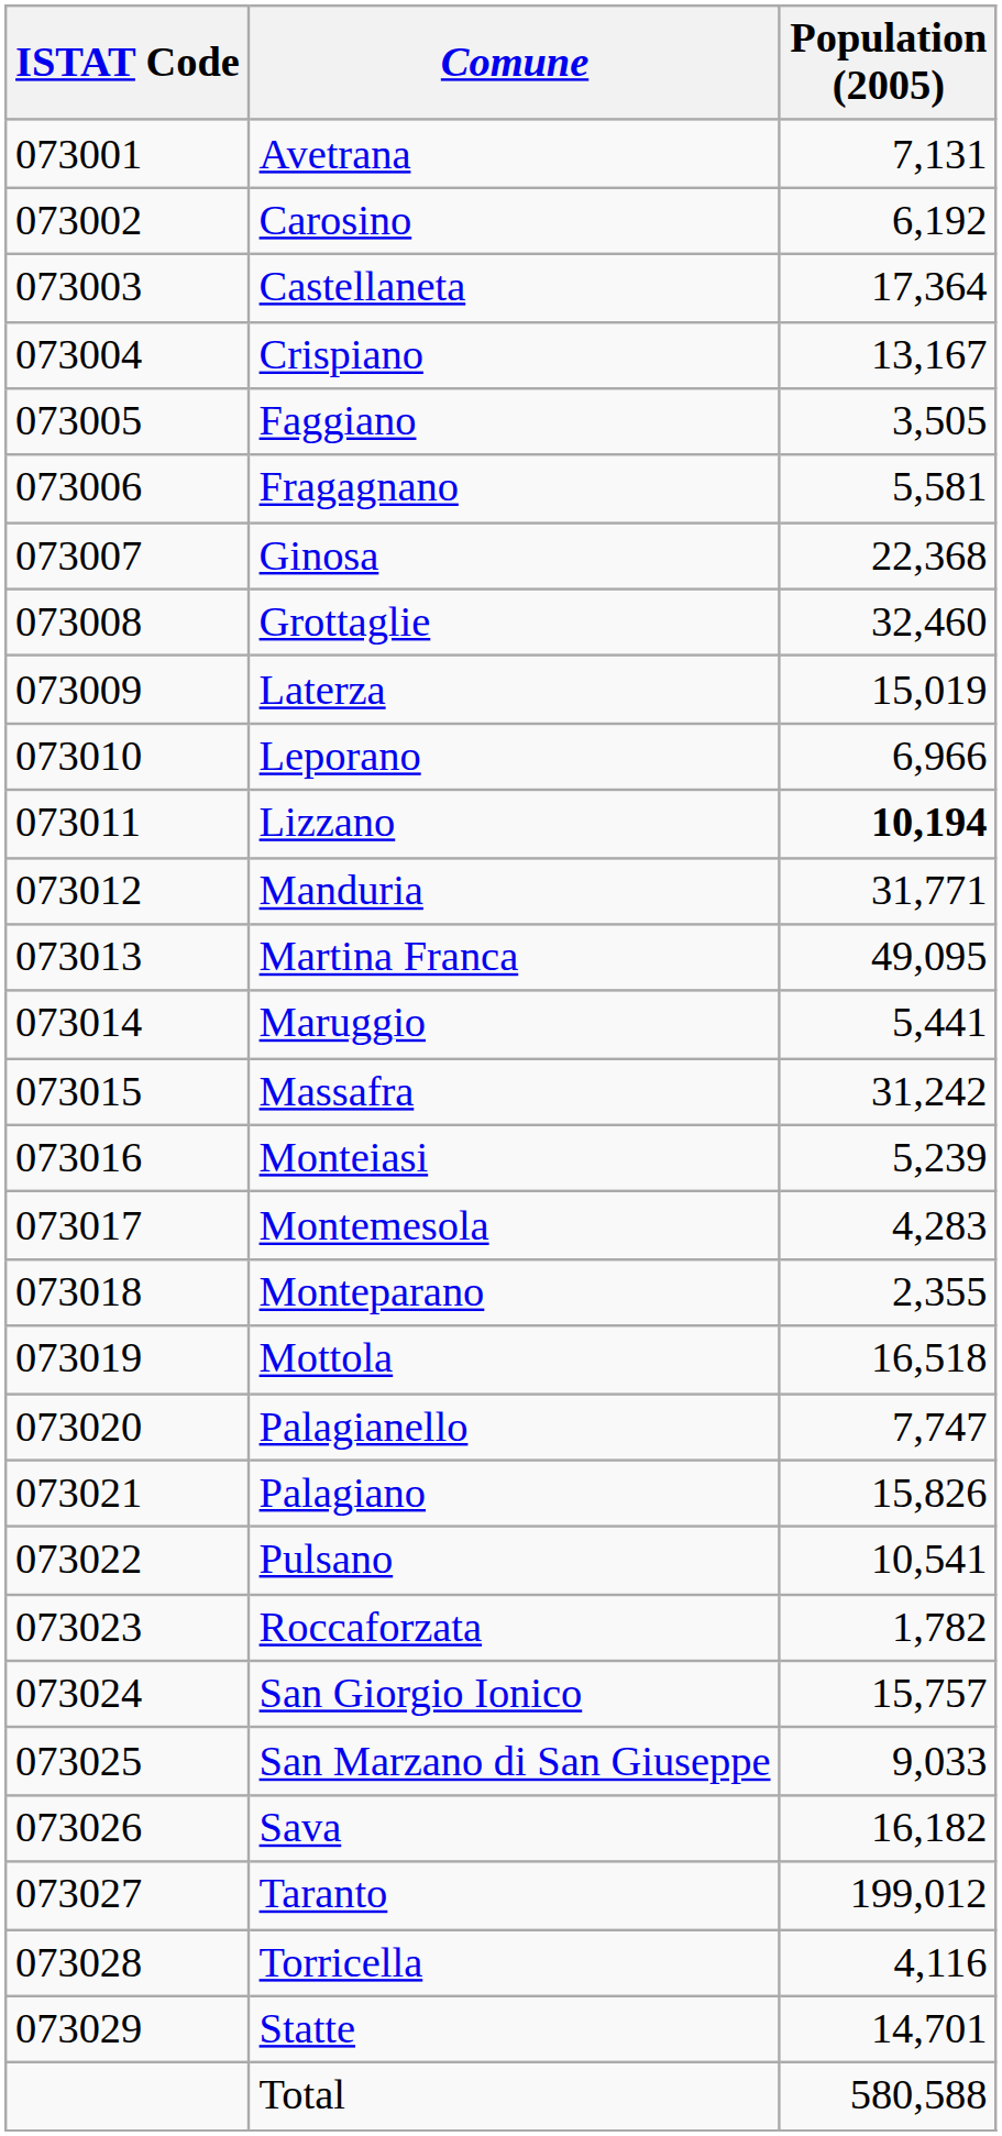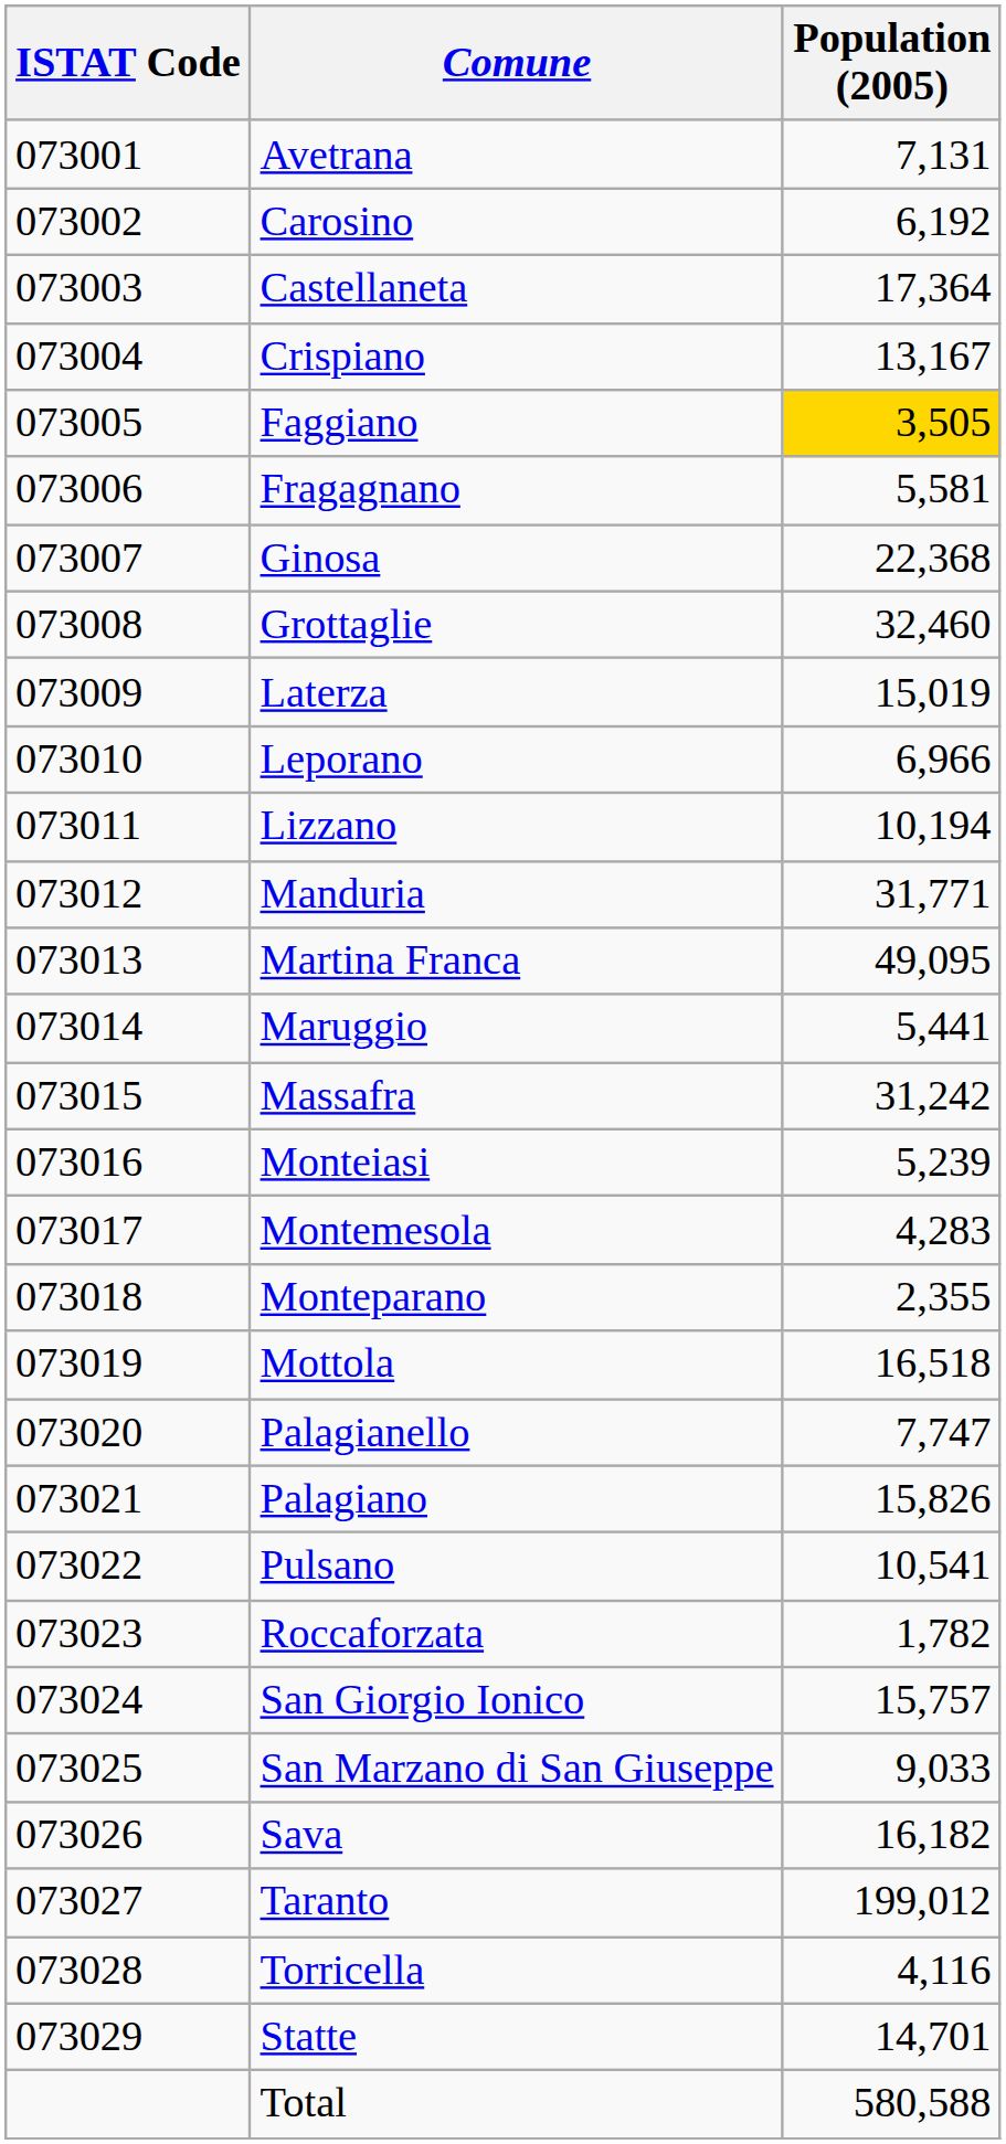 <table class="wikitable sortable">
 <tr>
 <th><a href='#'>ISTAT</a> Code</th>
 <th><em><a href='#'>Comune</a></em></th>
 <th>Population <br>(2005)</th>
 </tr>
 <tr>
 <td>073001</td>
 <td><a href='#'>Avetrana</a></td>
 <td align="right">7,131</td>
 </tr>
 <tr>
 <td>073002</td>
 <td><a href='#'>Carosino</a></td>
 <td align="right">6,192</td>
 </tr>
 <tr>
 <td>073003</td>
 <td><a href='#'>Castellaneta</a></td>
 <td align="right">17,364</td>
 </tr>
 <tr>
 <td>073004</td>
 <td><a href='#'>Crispiano</a></td>
 <td align="right">13,167</td>
 </tr>
 <tr>
 <td>073005</td>
 <td><a href='#'>Faggiano</a></td>
-<td align="right">3,505</td>
+<td align="right" style="background: gold;">3,505</td>
 </tr>
 <tr>
 <td>073006</td>
 <td><a href='#'>Fragagnano</a></td>
 <td align="right">5,581</td>
 </tr>
 <tr>
 <td>073007</td>
 <td><a href='#'>Ginosa</a></td>
 <td align="right">22,368</td>
 </tr>
 <tr>
 <td>073008</td>
 <td><a href='#'>Grottaglie</a></td>
 <td align="right">32,460</td>
 </tr>
 <tr>
 <td>073009</td>
 <td><a href='#'>Laterza</a></td>
 <td align="right">15,019</td>
 </tr>
 <tr>
 <td>073010</td>
 <td><a href='#'>Leporano</a></td>
 <td align="right">6,966</td>
 </tr>
 <tr>
 <td>073011</td>
 <td><a href='#'>Lizzano</a></td>
-<td align="right"><strong>10,194</strong></td>
+<td align="right">10,194</td>
 </tr>
 <tr>
 <td>073012</td>
 <td><a href='#'>Manduria</a></td>
 <td align="right">31,771</td>
 </tr>
 <tr>
 <td>073013</td>
 <td><a href='#'>Martina Franca</a></td>
 <td align="right">49,095</td>
 </tr>
 <tr>
 <td>073014</td>
 <td><a href='#'>Maruggio</a></td>
 <td align="right">5,441</td>
 </tr>
 <tr>
 <td>073015</td>
 <td><a href='#'>Massafra</a></td>
 <td align="right">31,242</td>
 </tr>
 <tr>
 <td>073016</td>
 <td><a href='#'>Monteiasi</a></td>
 <td align="right">5,239</td>
 </tr>
 <tr>
 <td>073017</td>
 <td><a href='#'>Montemesola</a></td>
 <td align="right">4,283</td>
 </tr>
 <tr>
 <td>073018</td>
 <td><a href='#'>Monteparano</a></td>
 <td align="right">2,355</td>
 </tr>
 <tr>
 <td>073019</td>
 <td><a href='#'>Mottola</a></td>
 <td align="right">16,518</td>
 </tr>
 <tr>
 <td>073020</td>
 <td><a href='#'>Palagianello</a></td>
 <td align="right">7,747</td>
 </tr>
 <tr>
 <td>073021</td>
 <td><a href='#'>Palagiano</a></td>
 <td align="right">15,826</td>
 </tr>
 <tr>
 <td>073022</td>
 <td><a href='#'>Pulsano</a></td>
 <td align="right">10,541</td>
 </tr>
 <tr>
 <td>073023</td>
 <td><a href='#'>Roccaforzata</a></td>
 <td align="right">1,782</td>
 </tr>
 <tr>
 <td>073024</td>
 <td><a href='#'>San Giorgio Ionico</a></td>
 <td align="right">15,757</td>
 </tr>
 <tr>
 <td>073025</td>
 <td><a href='#'>San Marzano di San Giuseppe</a></td>
 <td align="right">9,033</td>
 </tr>
 <tr>
 <td>073026</td>
 <td><a href='#'>Sava</a></td>
 <td align="right">16,182</td>
 </tr>
 <tr>
 <td>073027</td>
 <td><a href='#'>Taranto</a></td>
 <td align="right">199,012</td>
 </tr>
 <tr>
 <td>073028</td>
 <td><a href='#'>Torricella</a></td>
 <td align="right">4,116</td>
 </tr>
 <tr>
 <td>073029</td>
 <td><a href='#'>Statte</a></td>
 <td align="right">14,701</td>
 </tr>
 <tr>
 <td></td>
 <td>Total</td>
 <td align="right">580,588</td>
 </tr>
 <tr>
 </tr>
 </table>
